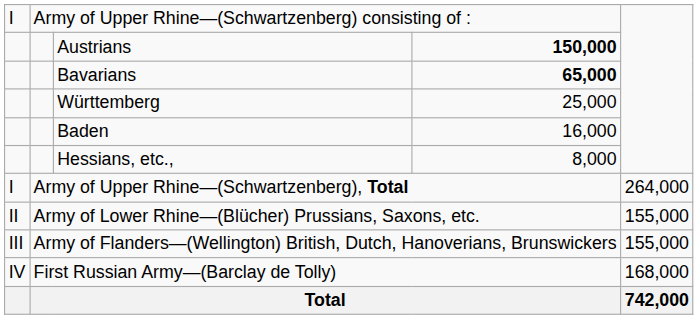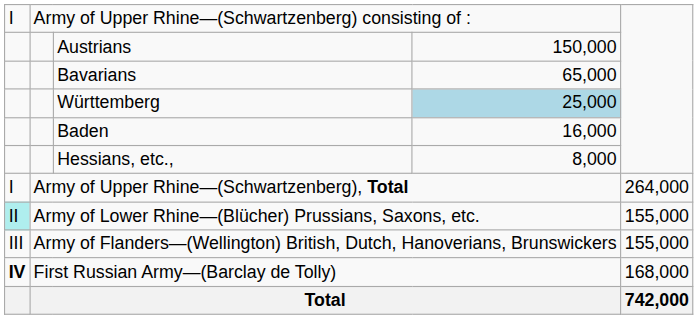 <table class="wikitable">
 <tr>
 <td>I</td>
 <td colspan="3">Army of Upper Rhine—(Schwartzenberg) consisting of :</td>
 </tr>
 <tr>
 <td></td>
 <td></td>
 <td>Austrians</td>
-<td align="right"><strong>150,000</strong></td>
+<td align="right">150,000</td>
 </tr>
 <tr>
 <td></td>
 <td></td>
 <td>Bavarians</td>
-<td align="right"><strong>65,000</strong></td>
+<td align="right">65,000</td>
 </tr>
 <tr>
 <td></td>
 <td></td>
 <td>Württemberg</td>
-<td align="right">25,000</td>
+<td align="right" style="background: lightblue;">25,000</td>
 </tr>
 <tr>
 <td></td>
 <td></td>
 <td>Baden</td>
 <td align="right">16,000</td>
 </tr>
 <tr>
 <td></td>
 <td></td>
 <td>Hessians, etc.,</td>
 <td align="right">8,000</td>
 </tr>
 <tr>
 <td>I</td>
 <td colspan="3">Army of Upper Rhine—(Schwartzenberg), <strong>Total</strong></td>
 <td>264,000</td>
 </tr>
 <tr>
-<td>II</td>
+<td style="background: paleturquoise;">II</td>
 <td colspan="3">Army of Lower Rhine—(Blücher) Prussians, Saxons, etc.</td>
 <td>155,000</td>
 </tr>
 <tr>
 <td>III</td>
 <td colspan="3">Army of Flanders—(Wellington) British, Dutch, Hanoverians, Brunswickers</td>
 <td>155,000</td>
 </tr>
 <tr>
-<td>IV</td>
+<td><strong>IV</strong></td>
 <td colspan="3">First Russian Army—(Barclay de Tolly)</td>
 <td>168,000</td>
 </tr>
 <tr>
 <th></th>
 <th colspan="3">Total</th>
 <th>742,000</th>
 </tr>
 </table>
